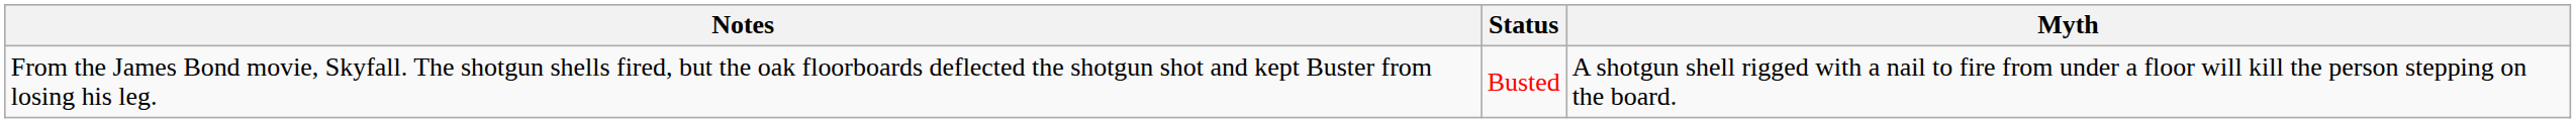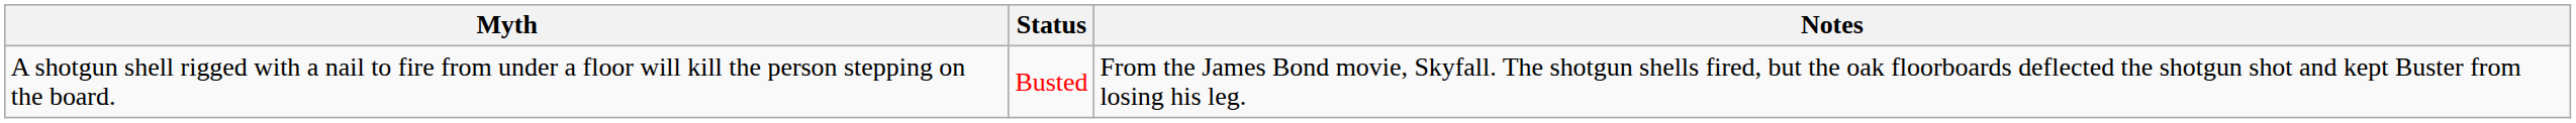 <table class="wikitable plainrowheaders">
 <tr>
+<th scope"col">Myth</th>
+<th scope"col">Status</th>
 <th scope"col">Notes</th>
-<th scope"col">Status</th>
-<th scope"col">Myth</th>
 </tr>
 <tr>
+<td scope"row">A shotgun shell rigged with a nail to fire from under a floor will kill the person stepping on the board.</td>
+<td style="color:red">Busted</td>
 <td>From the James Bond movie, Skyfall.  The shotgun shells fired, but the oak floorboards deflected the shotgun shot and kept Buster from losing his leg.</td>
-<td style="color:red">Busted</td>
-<td scope"row">A shotgun shell rigged with a nail to fire from under a floor will kill the person stepping on the board.</td>
 </tr>
 </table>
